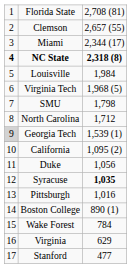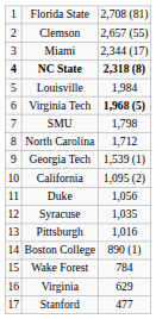 <table class="wikitable" style="display: inline-table; text-align:center;">
 <tr align="center">
 <td>1</td>
 <td>Florida State</td>
 <td>2,708 (81)</td>
 </tr>
 <tr>
 <td>2</td>
 <td>Clemson</td>
 <td>2,657 (55)</td>
 </tr>
 <tr>
 <td>3</td>
 <td>Miami</td>
 <td>2,344 (17)</td>
 </tr>
 <tr>
 <td style=><strong>4</strong></td>
 <td><strong>NC State</strong></td>
 <td style=><strong>2,318 (8)</strong></td>
 </tr>
 <tr>
 <td>5</td>
 <td>Louisville</td>
 <td>1,984</td>
 </tr>
 <tr>
 <td>6</td>
 <td>Virginia Tech</td>
-<td>1,968 (5)</td>
+<td><strong>1,968 (5)</strong></td>
 </tr>
 <tr>
 <td>7</td>
 <td>SMU</td>
 <td>1,798</td>
 </tr>
 <tr>
 <td>8</td>
 <td>North Carolina</td>
 <td>1,712</td>
 </tr>
 <tr>
-<td style="background: lightgrey;">9</td>
+<td>9</td>
 <td>Georgia Tech</td>
 <td>1,539 (1)</td>
 </tr>
 <tr>
 <td>10</td>
 <td>California</td>
 <td>1,095 (2)</td>
 </tr>
 <tr>
 <td>11</td>
 <td>Duke</td>
 <td>1,056</td>
 </tr>
 <tr>
 <td>12</td>
 <td>Syracuse</td>
-<td><strong>1,035</strong></td>
+<td>1,035</td>
 </tr>
 <tr>
 <td>13</td>
 <td>Pittsburgh</td>
 <td>1,016</td>
 </tr>
 <tr>
 <td>14</td>
 <td>Boston College</td>
 <td>890 (1)</td>
 </tr>
 <tr>
 <td>15</td>
 <td>Wake Forest</td>
 <td>784</td>
 </tr>
 <tr>
 <td>16</td>
 <td>Virginia</td>
 <td>629</td>
 </tr>
 <tr>
 <td>17</td>
 <td>Stanford</td>
 <td>477</td>
 </tr>
 </table>
